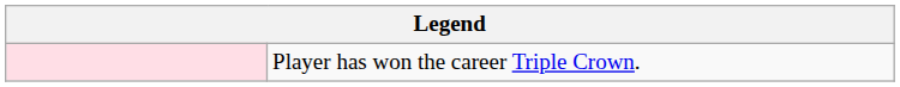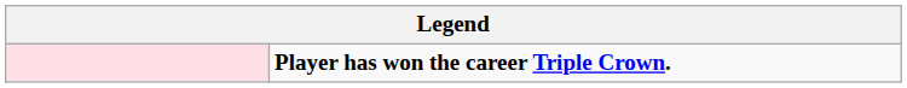 <table class="wikitable nowrap" style="font-size:90%; width: 39em;">
 <tr>
 <th colspan=2>Legend</th>
 </tr>
 <tr>
 <td style="background: #ffdee6; width: 11em;" align = "center"></td>
-<td>Player has won the career <a href='#'>Triple Crown</a>.</td>
+<td><strong>Player has won the career <a href='#'>Triple Crown</a>.</strong></td>
 </tr>
 </table>
